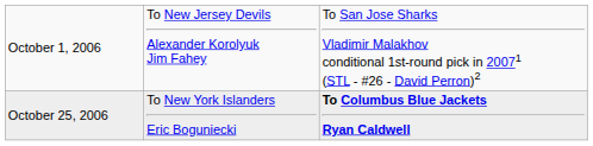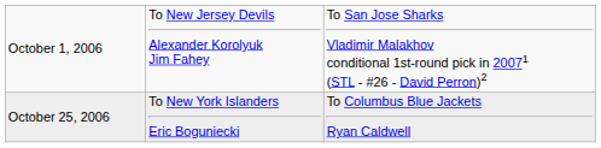 <table cellspacing=0 class="wikitable" style="border:1px solid #999999; width:720px;">
 <tr>
 <td>October 1, 2006</td>
 <td valign="top">To <a href='#'>New Jersey Devils</a><hr><a href='#'>Alexander Korolyuk</a><br><a href='#'>Jim Fahey</a></td>
 <td valign="top">To <a href='#'>San Jose Sharks</a><hr><a href='#'>Vladimir Malakhov</a><br>conditional 1st-round pick in <a href='#'>2007</a><sup>1</sup><br>(<a href='#'>STL</a> - #26 - <a href='#'>David Perron</a>)<sup>2</sup></td>
 </tr>
 <tr bgcolor="#eeeeee">
 <td>October 25, 2006</td>
 <td valign="top">To <a href='#'>New York Islanders</a><hr><a href='#'>Eric Boguniecki</a></td>
-<td valign="top"><strong>To <a href='#'>Columbus Blue Jackets</a><hr><a href='#'>Ryan Caldwell</a></strong></td>
+<td valign="top">To <a href='#'>Columbus Blue Jackets</a><hr><a href='#'>Ryan Caldwell</a></td>
 </tr>
 </table>
